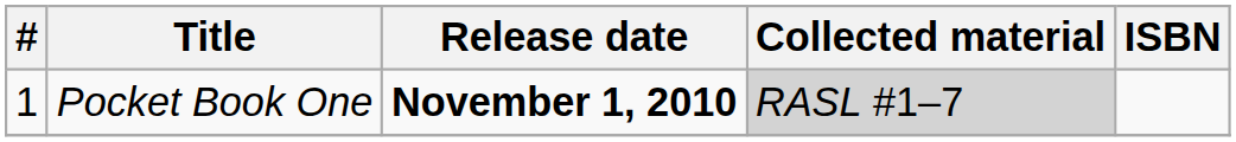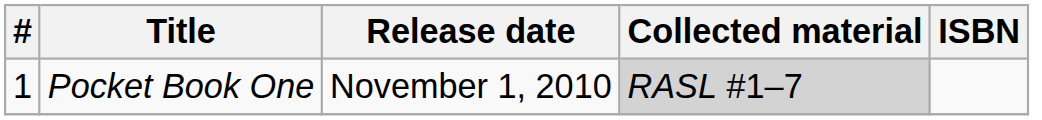 <table class="wikitable">
 <tr>
 <th>#</th>
 <th>Title</th>
 <th>Release date</th>
 <th>Collected material</th>
 <th>ISBN</th>
 </tr>
 <tr>
 <td>1</td>
 <td><em>Pocket Book One</em></td>
-<td><strong>November 1, 2010</strong></td>
+<td>November 1, 2010</td>
 <td style="background: lightgrey;"><em>RASL</em> #1–7</td>
 <td></td>
 </tr>
 <tr>
 </tr>
 </table>
